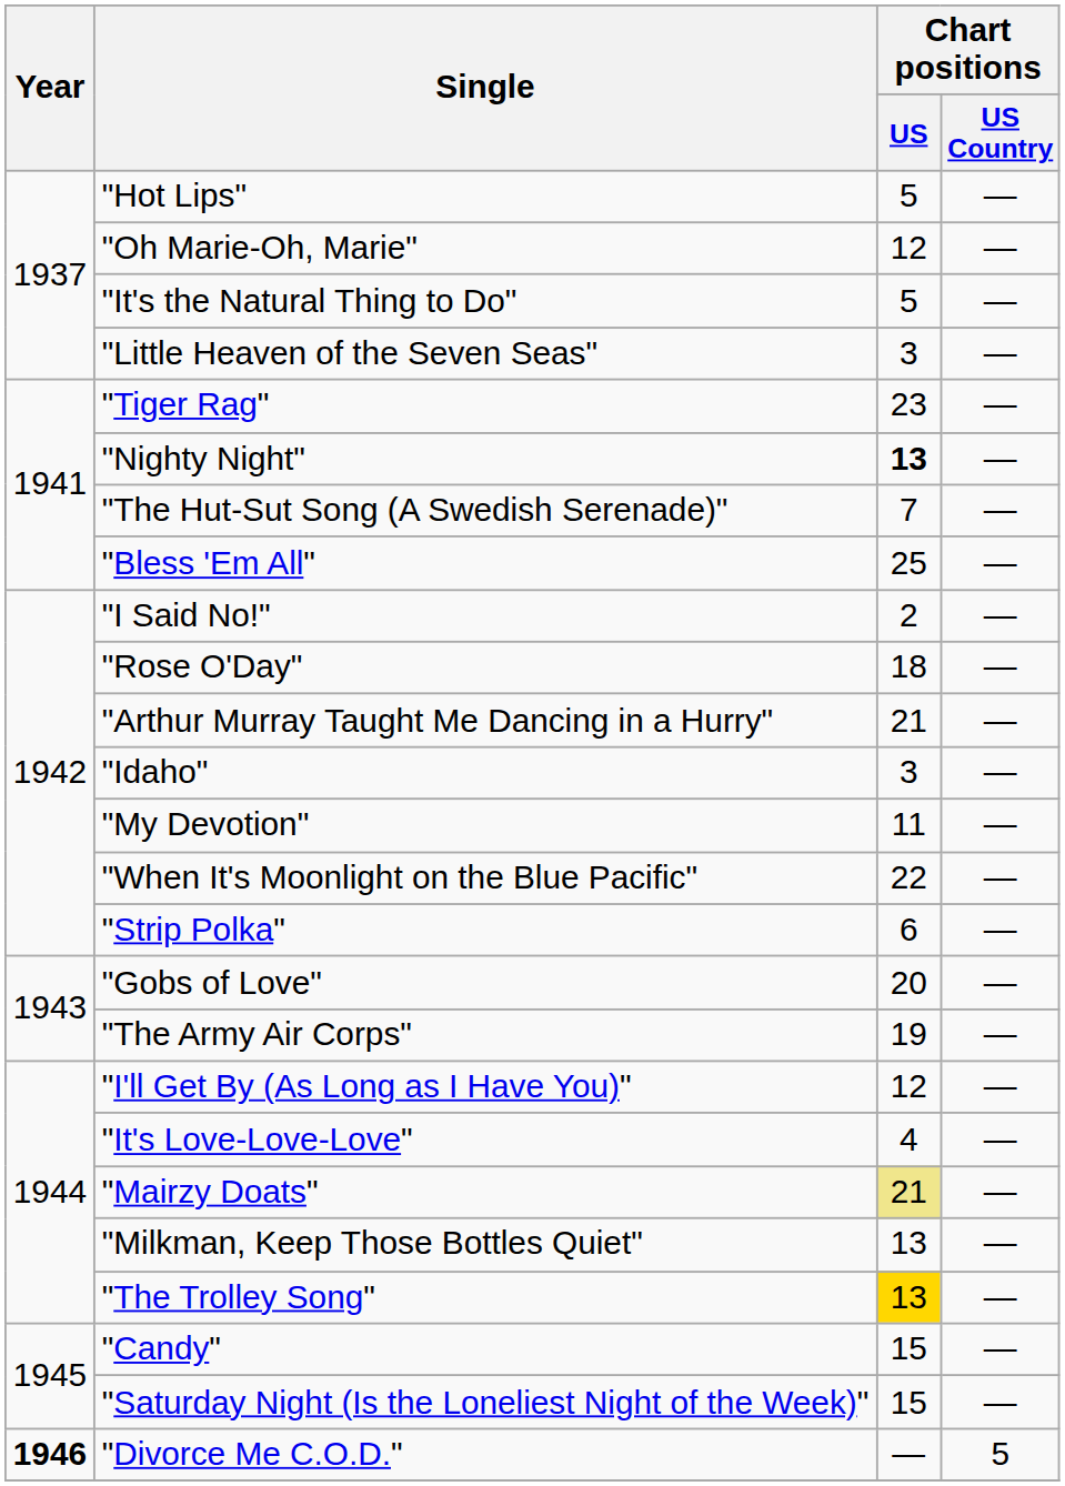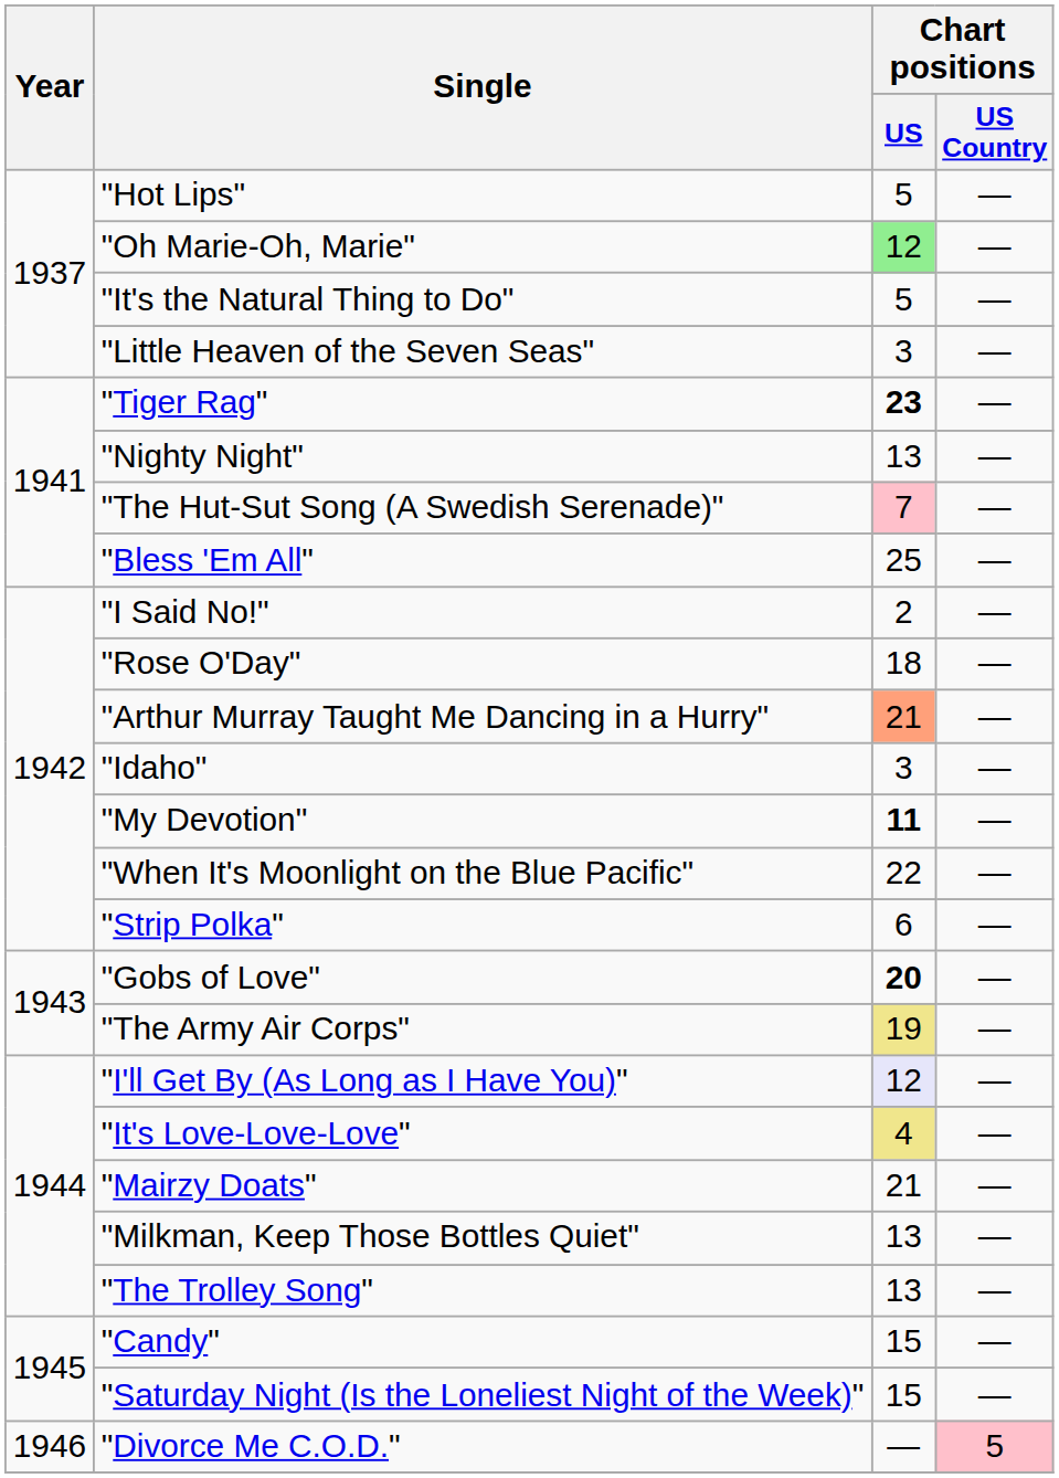 <table class="wikitable">
 <tr>
 <th rowspan="2">Year</th>
 <th rowspan="2">Single</th>
 <th colspan="2">Chart positions</th>
 </tr>
 <tr style="font-size:smaller;">
 <th width="25"><a href='#'>US</a></th>
 <th width="25"><a href='#'>US Country</a></th>
 </tr>
 <tr>
 <td rowspan="4">1937</td>
 <td>"Hot Lips"</td>
 <td align="center">5</td>
 <td align="center">—</td>
 </tr>
 <tr>
 <td>"Oh Marie-Oh, Marie"</td>
-<td align="center">12</td>
+<td align="center" style="background: lightgreen;">12</td>
 <td align="center">—</td>
 </tr>
 <tr>
 <td>"It's the Natural Thing to Do"</td>
 <td align="center">5</td>
 <td align="center">—</td>
 </tr>
 <tr>
 <td>"Little Heaven of the Seven Seas"</td>
 <td align="center">3</td>
 <td align="center">—</td>
 </tr>
 <tr>
 <td rowspan="4">1941</td>
 <td>"<a href='#'>Tiger Rag</a>"</td>
-<td align="center">23</td>
+<td align="center"><strong>23</strong></td>
 <td align="center">—</td>
 </tr>
 <tr>
 <td>"Nighty Night"</td>
-<td align="center"><strong>13</strong></td>
+<td align="center">13</td>
 <td align="center">—</td>
 </tr>
 <tr>
 <td>"The Hut-Sut Song (A Swedish Serenade)"</td>
-<td align="center">7</td>
+<td align="center" style="background: pink;">7</td>
 <td align="center">—</td>
 </tr>
 <tr>
 <td>"<a href='#'>Bless 'Em All</a>"</td>
 <td align="center">25</td>
 <td align="center">—</td>
 </tr>
 <tr>
 <td rowspan="7">1942</td>
 <td>"I Said No!"</td>
 <td align="center">2</td>
 <td align="center">—</td>
 </tr>
 <tr>
 <td>"Rose O'Day"</td>
 <td align="center">18</td>
 <td align="center">—</td>
 </tr>
 <tr>
 <td>"Arthur Murray Taught Me Dancing in a Hurry"</td>
-<td align="center">21</td>
+<td align="center" style="background: lightsalmon;">21</td>
 <td align="center">—</td>
 </tr>
 <tr>
 <td>"Idaho"</td>
 <td align="center">3</td>
 <td align="center">—</td>
 </tr>
 <tr>
 <td>"My Devotion"</td>
-<td align="center">11</td>
+<td align="center"><strong>11</strong></td>
 <td align="center">—</td>
 </tr>
 <tr>
 <td>"When It's Moonlight on the Blue Pacific"</td>
 <td align="center">22</td>
 <td align="center">—</td>
 </tr>
 <tr>
 <td>"<a href='#'>Strip Polka</a>"</td>
 <td align="center">6</td>
 <td align="center">—</td>
 </tr>
 <tr>
 <td rowspan="2">1943</td>
 <td>"Gobs of Love"</td>
-<td align="center">20</td>
+<td align="center"><strong>20</strong></td>
 <td align="center">—</td>
 </tr>
 <tr>
 <td>"The Army Air Corps"</td>
-<td align="center">19</td>
+<td align="center" style="background: khaki;">19</td>
 <td align="center">—</td>
 </tr>
 <tr>
 <td rowspan="5">1944</td>
 <td>"<a href='#'>I'll Get By (As Long as I Have You)</a>"</td>
-<td align="center">12</td>
+<td align="center" style="background: lavender;">12</td>
 <td align="center">—</td>
 </tr>
 <tr>
 <td>"<a href='#'>It's Love-Love-Love</a>"</td>
-<td align="center">4</td>
+<td align="center" style="background: khaki;">4</td>
 <td align="center">—</td>
 </tr>
 <tr>
 <td>"<a href='#'>Mairzy Doats</a>"</td>
-<td align="center" style="background: khaki;">21</td>
+<td align="center">21</td>
 <td align="center">—</td>
 </tr>
 <tr>
 <td>"Milkman, Keep Those Bottles Quiet"</td>
 <td align="center">13</td>
 <td align="center">—</td>
 </tr>
 <tr>
 <td>"<a href='#'>The Trolley Song</a>"</td>
-<td align="center" style="background: gold;">13</td>
+<td align="center">13</td>
 <td align="center">—</td>
 </tr>
 <tr>
 <td rowspan="2">1945</td>
 <td>"<a href='#'>Candy</a>"</td>
 <td align="center">15</td>
 <td align="center">—</td>
 </tr>
 <tr>
 <td>"<a href='#'>Saturday Night (Is the Loneliest Night of the Week)</a>"</td>
 <td align="center">15</td>
 <td align="center">—</td>
 </tr>
 <tr>
-<td><strong>1946</strong></td>
+<td>1946</td>
 <td>"<a href='#'>Divorce Me C.O.D.</a>"<br></td>
 <td align="center">—</td>
-<td align="center">5</td>
+<td align="center" style="background: pink;">5</td>
 </tr>
 <tr>
 </tr>
 </table>
